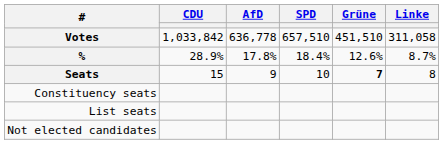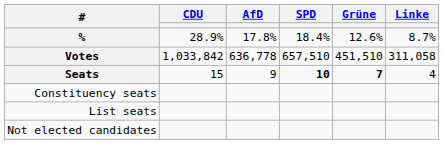 <table class="wikitable" style="text-align:right;vertical-align:top">
 <tr>
 <th rowspan="2">#</th>
 <th class="wikitable sortable"><a href='#'>CDU</a></th>
 <th class="wikitable sortable"><a href='#'>AfD</a></th>
 <th class="wikitable sortable"><a href='#'>SPD</a></th>
 <th class="wikitable sortable"><a href='#'>Grüne</a></th>
 <th class="wikitable sortable"><a href='#'>Linke</a></th>
 </tr>
 <tr>
 <th class="wikitable sortable" style="background:"></th>
 <th class="wikitable sortable" style="background:"></th>
 <th class="wikitable sortable" style="background:"></th>
 <th class="wikitable sortable" style="background:"></th>
 <th class="wikitable sortable" style="background:"></th>
 </tr>
 <tr>
+<th>%</th>
+<td>28.9%</td>
+<td>17.8%</td>
+<td>18.4%</td>
+<td>12.6%</td>
+<td>8.7%</td>
+</tr>
+<tr>
 <th>Votes</th>
 <td>1,033,842</td>
 <td>636,778</td>
 <td>657,510</td>
 <td>451,510</td>
 <td>311,058</td>
 </tr>
 <tr>
-<th>%</th>
-<td>28.9%</td>
-<td>17.8%</td>
-<td>18.4%</td>
-<td>12.6%</td>
-<td>8.7%</td>
-</tr>
-<tr>
 <th>Seats</th>
 <td>15</td>
 <td>9</td>
-<td>10</td>
+<td><strong>10</strong></td>
 <td><strong>7</strong></td>
-<td>8</td>
+<td>4</td>
 </tr>
 <tr style="vertical-align:top">
 <td>Constituency seats</td>
 <td></td>
 <td></td>
 <td></td>
 <td></td>
 <td></td>
 </tr>
 <tr style="vertical-align:top">
 <td>List seats</td>
 <td></td>
 <td></td>
 <td></td>
 <td></td>
 <td></td>
 </tr>
 <tr style="vertical-align:top">
 <td>Not elected candidates</td>
 <td><div><br>              </div></td>
 <td><div><br> </div></td>
 <td><div><br>  </div></td>
 <td><div><br> </div></td>
 <td><div><br> </div></td>
 </tr>
 </table>
